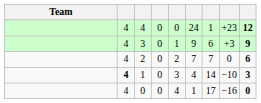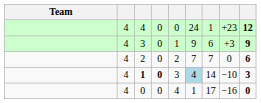 <table class="wikitable" style="text-align:center">
 <tr>
 <th width="175">Team</th>
 <th width="20"></th>
 <th width="20"></th>
 <th width="20"></th>
 <th width="20"></th>
 <th width="20"></th>
 <th width="20"></th>
 <th width="20"></th>
 <th width="20"></th>
 </tr>
 <tr bgcolor=ccffcc>
 <td align=left></td>
 <td>4</td>
 <td>4</td>
 <td>0</td>
 <td>0</td>
 <td>24</td>
 <td>1</td>
 <td>+23</td>
 <td><strong>12</strong></td>
 </tr>
 <tr bgcolor=ccffcc>
 <td align=left></td>
 <td>4</td>
 <td>3</td>
 <td>0</td>
 <td>1</td>
 <td>9</td>
 <td>6</td>
 <td>+3</td>
 <td><strong>9</strong></td>
 </tr>
 <tr>
 <td align=left></td>
 <td>4</td>
 <td>2</td>
 <td>0</td>
 <td>2</td>
 <td>7</td>
 <td>7</td>
 <td>0</td>
 <td><strong>6</strong></td>
 </tr>
 <tr>
 <td align=left></td>
-<td><strong>4</strong></td>
-<td>1</td>
-<td>0</td>
+<td>4</td>
+<td><strong>1</strong></td>
+<td><strong>0</strong></td>
 <td>3</td>
-<td>4</td>
+<td style="background: lightblue;">4</td>
 <td>14</td>
 <td>−10</td>
 <td><strong>3</strong></td>
 </tr>
 <tr>
 <td align=left></td>
 <td>4</td>
 <td>0</td>
 <td>0</td>
 <td>4</td>
 <td>1</td>
 <td>17</td>
 <td>−16</td>
 <td><strong>0</strong></td>
 </tr>
 </table>
